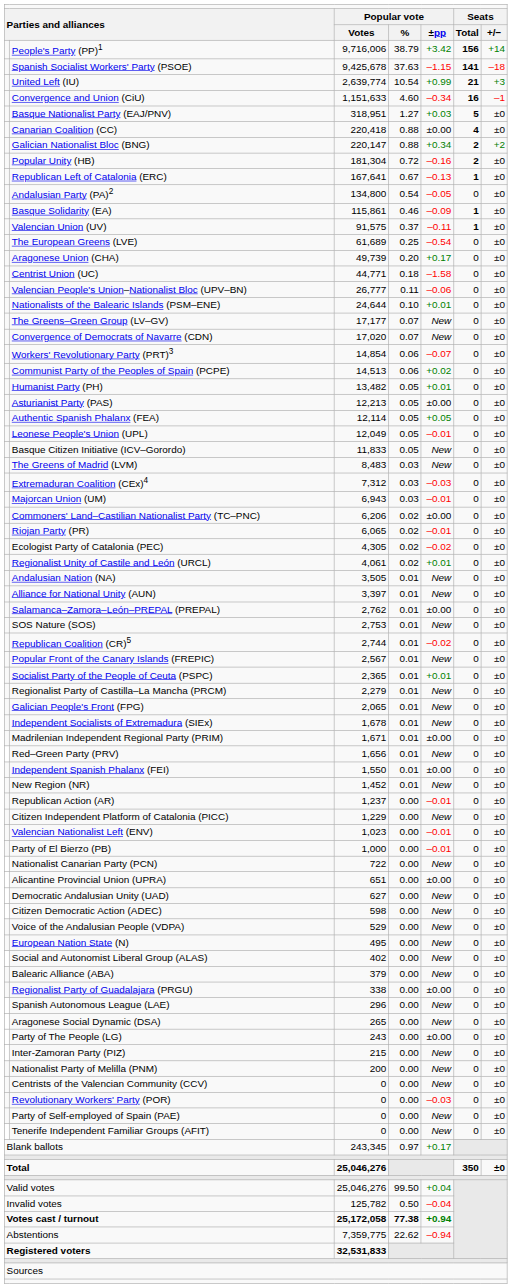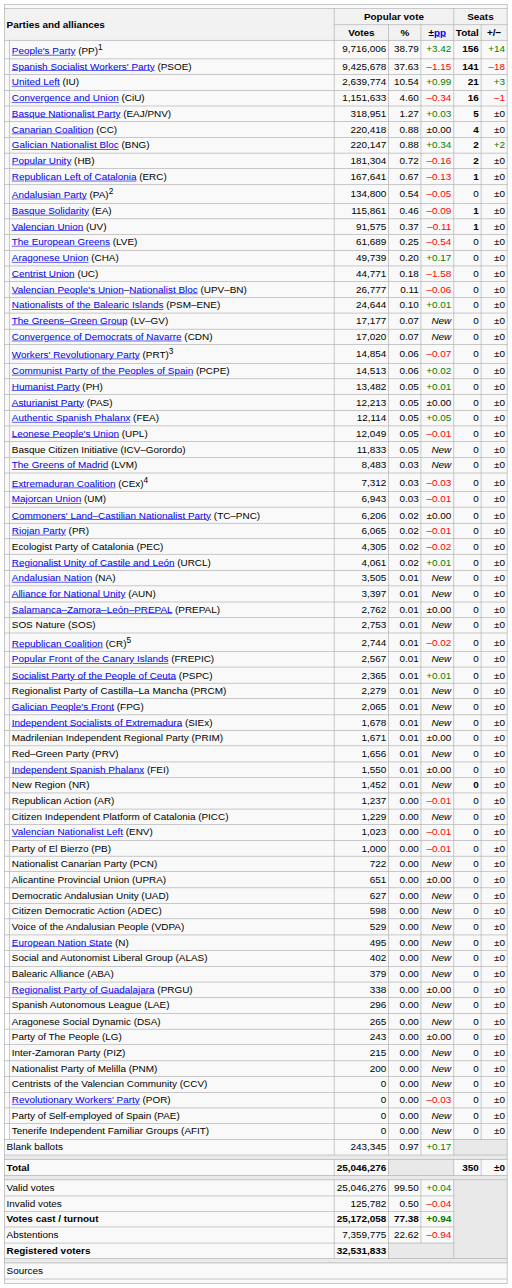 <table class="wikitable" style="text-align:right;">
 <tr>
 <td colspan="7"></td>
 </tr>
 <tr>
 <th style="text-align:left;" rowspan="2" colspan="2" width="525">Parties and alliances</th>
 <th colspan="3">Popular vote</th>
 <th colspan="2">Seats</th>
 </tr>
 <tr>
 <th width="75">Votes</th>
 <th width="45">%</th>
 <th width="45">±<a href='#'>pp</a></th>
 <th width="35">Total</th>
 <th width="35">+/−</th>
 </tr>
 <tr>
 <td width="1" style="color:inherit;background:"></td>
 <td align="left"><a href='#'>People's Party</a> (PP)<sup>1</sup></td>
 <td>9,716,006</td>
 <td>38.79</td>
 <td style="color:green;">+3.42</td>
 <td><strong>156</strong></td>
 <td style="color:green;">+14</td>
 </tr>
 <tr>
 <td style="color:inherit;background:"></td>
 <td align="left"><a href='#'>Spanish Socialist Workers' Party</a> (PSOE)</td>
 <td>9,425,678</td>
 <td>37.63</td>
 <td style="color:red;">–1.15</td>
 <td><strong>141</strong></td>
 <td style="color:red;">–18</td>
 </tr>
 <tr>
 <td style="color:inherit;background:"></td>
 <td align="left"><a href='#'>United Left</a> (IU)</td>
 <td>2,639,774</td>
 <td>10.54</td>
 <td style="color:green;">+0.99</td>
 <td><strong>21</strong></td>
 <td style="color:green;">+3</td>
 </tr>
 <tr>
 <td style="color:inherit;background:"></td>
 <td align="left"><a href='#'>Convergence and Union</a> (CiU)</td>
 <td>1,151,633</td>
 <td>4.60</td>
 <td style="color:red;">–0.34</td>
 <td><strong>16</strong></td>
 <td style="color:red;">–1</td>
 </tr>
 <tr>
 <td style="color:inherit;background:"></td>
 <td align="left"><a href='#'>Basque Nationalist Party</a> (EAJ/PNV)</td>
 <td>318,951</td>
 <td>1.27</td>
 <td style="color:green;">+0.03</td>
 <td><strong>5</strong></td>
 <td>±0</td>
 </tr>
 <tr>
 <td style="color:inherit;background:"></td>
 <td align="left"><a href='#'>Canarian Coalition</a> (CC)</td>
 <td>220,418</td>
 <td>0.88</td>
 <td>±0.00</td>
 <td><strong>4</strong></td>
 <td>±0</td>
 </tr>
 <tr>
 <td style="color:inherit;background:"></td>
 <td align="left"><a href='#'>Galician Nationalist Bloc</a> (BNG)</td>
 <td>220,147</td>
 <td>0.88</td>
 <td style="color:green;">+0.34</td>
 <td><strong>2</strong></td>
 <td style="color:green;">+2</td>
 </tr>
 <tr>
 <td style="color:inherit;background:"></td>
 <td align="left"><a href='#'>Popular Unity</a> (HB)</td>
 <td>181,304</td>
 <td>0.72</td>
 <td style="color:red;">–0.16</td>
 <td><strong>2</strong></td>
 <td>±0</td>
 </tr>
 <tr>
 <td style="color:inherit;background:"></td>
 <td align="left"><a href='#'>Republican Left of Catalonia</a> (ERC)</td>
 <td>167,641</td>
 <td>0.67</td>
 <td style="color:red;">–0.13</td>
 <td><strong>1</strong></td>
 <td>±0</td>
 </tr>
 <tr>
 <td style="color:inherit;background:"></td>
 <td align="left"><a href='#'>Andalusian Party</a> (PA)<sup>2</sup></td>
 <td>134,800</td>
 <td>0.54</td>
 <td style="color:red;">–0.05</td>
 <td>0</td>
 <td>±0</td>
 </tr>
 <tr>
 <td style="color:inherit;background:"></td>
 <td align="left"><a href='#'>Basque Solidarity</a> (EA)</td>
 <td>115,861</td>
 <td>0.46</td>
 <td style="color:red;">–0.09</td>
 <td><strong>1</strong></td>
 <td>±0</td>
 </tr>
 <tr>
 <td style="color:inherit;background:"></td>
 <td align="left"><a href='#'>Valencian Union</a> (UV)</td>
 <td>91,575</td>
 <td>0.37</td>
 <td style="color:red;">–0.11</td>
 <td><strong>1</strong></td>
 <td>±0</td>
 </tr>
 <tr>
 <td style="color:inherit;background:"></td>
 <td align="left"><a href='#'>The European Greens</a> (LVE)</td>
 <td>61,689</td>
 <td>0.25</td>
 <td style="color:red;">–0.54</td>
 <td>0</td>
 <td>±0</td>
 </tr>
 <tr>
 <td style="color:inherit;background:"></td>
 <td align="left"><a href='#'>Aragonese Union</a> (CHA)</td>
 <td>49,739</td>
 <td>0.20</td>
 <td style="color:green;">+0.17</td>
 <td>0</td>
 <td>±0</td>
 </tr>
 <tr>
 <td style="color:inherit;background:"></td>
 <td align="left"><a href='#'>Centrist Union</a> (UC)</td>
 <td>44,771</td>
 <td>0.18</td>
 <td style="color:red;">–1.58</td>
 <td>0</td>
 <td>±0</td>
 </tr>
 <tr>
 <td style="color:inherit;background:"></td>
 <td align="left"><a href='#'>Valencian People's Union</a>–<a href='#'>Nationalist Bloc</a> (UPV–BN)</td>
 <td>26,777</td>
 <td>0.11</td>
 <td style="color:red;">–0.06</td>
 <td>0</td>
 <td>±0</td>
 </tr>
 <tr>
 <td style="color:inherit;background:"></td>
 <td align="left"><a href='#'>Nationalists of the Balearic Islands</a> (PSM–ENE)</td>
 <td>24,644</td>
 <td>0.10</td>
 <td style="color:green;">+0.01</td>
 <td>0</td>
 <td>±0</td>
 </tr>
 <tr>
 <td style="color:inherit;background:"></td>
 <td align="left"><a href='#'>The Greens–Green Group</a> (LV–GV)</td>
 <td>17,177</td>
 <td>0.07</td>
 <td><em>New</em></td>
 <td>0</td>
 <td>±0</td>
 </tr>
 <tr>
 <td style="color:inherit;background:"></td>
 <td align="left"><a href='#'>Convergence of Democrats of Navarre</a> (CDN)</td>
 <td>17,020</td>
 <td>0.07</td>
 <td><em>New</em></td>
 <td>0</td>
 <td>±0</td>
 </tr>
 <tr>
 <td style="color:inherit;background:"></td>
 <td align="left"><a href='#'>Workers' Revolutionary Party</a> (PRT)<sup>3</sup></td>
 <td>14,854</td>
 <td>0.06</td>
 <td style="color:red;">–0.07</td>
 <td>0</td>
 <td>±0</td>
 </tr>
 <tr>
 <td style="color:inherit;background:"></td>
 <td align="left"><a href='#'>Communist Party of the Peoples of Spain</a> (PCPE)</td>
 <td>14,513</td>
 <td>0.06</td>
 <td style="color:green;">+0.02</td>
 <td>0</td>
 <td>±0</td>
 </tr>
 <tr>
 <td style="color:inherit;background:"></td>
 <td align="left"><a href='#'>Humanist Party</a> (PH)</td>
 <td>13,482</td>
 <td>0.05</td>
 <td style="color:green;">+0.01</td>
 <td>0</td>
 <td>±0</td>
 </tr>
 <tr>
 <td style="color:inherit;background:"></td>
 <td align="left"><a href='#'>Asturianist Party</a> (PAS)</td>
 <td>12,213</td>
 <td>0.05</td>
 <td>±0.00</td>
 <td>0</td>
 <td>±0</td>
 </tr>
 <tr>
 <td style="color:inherit;background:"></td>
 <td align="left"><a href='#'>Authentic Spanish Phalanx</a> (FEA)</td>
 <td>12,114</td>
 <td>0.05</td>
 <td style="color:green;">+0.05</td>
 <td>0</td>
 <td>±0</td>
 </tr>
 <tr>
 <td style="color:inherit;background:"></td>
 <td align="left"><a href='#'>Leonese People's Union</a> (UPL)</td>
 <td>12,049</td>
 <td>0.05</td>
 <td style="color:red;">–0.01</td>
 <td>0</td>
 <td>±0</td>
 </tr>
 <tr>
 <td style="color:inherit;background:"></td>
 <td align="left">Basque Citizen Initiative (ICV–Gorordo)</td>
 <td>11,833</td>
 <td>0.05</td>
 <td><em>New</em></td>
 <td>0</td>
 <td>±0</td>
 </tr>
 <tr>
 <td style="color:inherit;background:"></td>
 <td align="left"><a href='#'>The Greens of Madrid</a> (LVM)</td>
 <td>8,483</td>
 <td>0.03</td>
 <td><em>New</em></td>
 <td>0</td>
 <td>±0</td>
 </tr>
 <tr>
 <td style="color:inherit;background:"></td>
 <td align="left"><a href='#'>Extremaduran Coalition</a> (CEx)<sup>4</sup></td>
 <td>7,312</td>
 <td>0.03</td>
 <td style="color:red;">–0.03</td>
 <td>0</td>
 <td>±0</td>
 </tr>
 <tr>
 <td style="color:inherit;background:"></td>
 <td align="left"><a href='#'>Majorcan Union</a> (UM)</td>
 <td>6,943</td>
 <td>0.03</td>
 <td style="color:red;">–0.01</td>
 <td>0</td>
 <td>±0</td>
 </tr>
 <tr>
 <td style="color:inherit;background:"></td>
 <td align="left"><a href='#'>Commoners' Land–Castilian Nationalist Party</a> (TC–PNC)</td>
 <td>6,206</td>
 <td>0.02</td>
 <td>±0.00</td>
 <td>0</td>
 <td>±0</td>
 </tr>
 <tr>
 <td style="color:inherit;background:"></td>
 <td align="left"><a href='#'>Riojan Party</a> (PR)</td>
 <td>6,065</td>
 <td>0.02</td>
 <td style="color:red;">–0.01</td>
 <td>0</td>
 <td>±0</td>
 </tr>
 <tr>
 <td style="color:inherit;background:"></td>
 <td align="left">Ecologist Party of Catalonia (PEC)</td>
 <td>4,305</td>
 <td>0.02</td>
 <td style="color:red;">–0.02</td>
 <td>0</td>
 <td>±0</td>
 </tr>
 <tr>
 <td style="color:inherit;background:"></td>
 <td align="left"><a href='#'>Regionalist Unity of Castile and León</a> (URCL)</td>
 <td>4,061</td>
 <td>0.02</td>
 <td style="color:green;">+0.01</td>
 <td>0</td>
 <td>±0</td>
 </tr>
 <tr>
 <td style="color:inherit;background:"></td>
 <td align="left"><a href='#'>Andalusian Nation</a> (NA)</td>
 <td>3,505</td>
 <td>0.01</td>
 <td><em>New</em></td>
 <td>0</td>
 <td>±0</td>
 </tr>
 <tr>
 <td style="color:inherit;background:"></td>
 <td align="left"><a href='#'>Alliance for National Unity</a> (AUN)</td>
 <td>3,397</td>
 <td>0.01</td>
 <td><em>New</em></td>
 <td>0</td>
 <td>±0</td>
 </tr>
 <tr>
 <td style="color:inherit;background:"></td>
 <td align="left"><a href='#'>Salamanca–Zamora–León–PREPAL</a> (PREPAL)</td>
 <td>2,762</td>
 <td>0.01</td>
 <td>±0.00</td>
 <td>0</td>
 <td>±0</td>
 </tr>
 <tr>
 <td style="color:inherit;background:"></td>
 <td align="left">SOS Nature (SOS)</td>
 <td>2,753</td>
 <td>0.01</td>
 <td><em>New</em></td>
 <td>0</td>
 <td>±0</td>
 </tr>
 <tr>
 <td style="color:inherit;background:"></td>
 <td align="left"><a href='#'>Republican Coalition</a> (CR)<sup>5</sup></td>
 <td>2,744</td>
 <td>0.01</td>
 <td style="color:red;">–0.02</td>
 <td>0</td>
 <td>±0</td>
 </tr>
 <tr>
 <td style="color:inherit;background:"></td>
 <td align="left"><a href='#'>Popular Front of the Canary Islands</a> (FREPIC)</td>
 <td>2,567</td>
 <td>0.01</td>
 <td><em>New</em></td>
 <td>0</td>
 <td>±0</td>
 </tr>
 <tr>
 <td style="color:inherit;background:"></td>
 <td align="left"><a href='#'>Socialist Party of the People of Ceuta</a> (PSPC)</td>
 <td>2,365</td>
 <td>0.01</td>
 <td style="color:green;">+0.01</td>
 <td>0</td>
 <td>±0</td>
 </tr>
 <tr>
 <td style="color:inherit;background:"></td>
 <td align="left">Regionalist Party of Castilla–La Mancha (PRCM)</td>
 <td>2,279</td>
 <td>0.01</td>
 <td><em>New</em></td>
 <td>0</td>
 <td>±0</td>
 </tr>
 <tr>
 <td style="color:inherit;background:"></td>
 <td align="left"><a href='#'>Galician People's Front</a> (FPG)</td>
 <td>2,065</td>
 <td>0.01</td>
 <td><em>New</em></td>
 <td>0</td>
 <td>±0</td>
 </tr>
 <tr>
 <td style="color:inherit;background:"></td>
 <td align="left"><a href='#'>Independent Socialists of Extremadura</a> (SIEx)</td>
 <td>1,678</td>
 <td>0.01</td>
 <td><em>New</em></td>
 <td>0</td>
 <td>±0</td>
 </tr>
 <tr>
 <td style="color:inherit;background:"></td>
 <td align="left">Madrilenian Independent Regional Party (PRIM)</td>
 <td>1,671</td>
 <td>0.01</td>
 <td>±0.00</td>
 <td>0</td>
 <td>±0</td>
 </tr>
 <tr>
 <td bgcolor="white"></td>
 <td align="left">Red–Green Party (PRV)</td>
 <td>1,656</td>
 <td>0.01</td>
 <td><em>New</em></td>
 <td>0</td>
 <td>±0</td>
 </tr>
 <tr>
 <td style="color:inherit;background:"></td>
 <td align="left"><a href='#'>Independent Spanish Phalanx</a> (FEI)</td>
 <td>1,550</td>
 <td>0.01</td>
 <td>±0.00</td>
 <td>0</td>
 <td>±0</td>
 </tr>
 <tr>
 <td style="color:inherit;background:"></td>
 <td align="left">New Region (NR)</td>
 <td>1,452</td>
 <td>0.01</td>
 <td><em>New</em></td>
-<td>0</td>
+<td><strong>0</strong></td>
 <td>±0</td>
 </tr>
 <tr>
 <td style="color:inherit;background:"></td>
 <td align="left">Republican Action (AR)</td>
 <td>1,237</td>
 <td>0.00</td>
 <td style="color:red;">–0.01</td>
 <td>0</td>
 <td>±0</td>
 </tr>
 <tr>
 <td style="color:inherit;background:"></td>
 <td align="left">Citizen Independent Platform of Catalonia (PICC)</td>
 <td>1,229</td>
 <td>0.00</td>
 <td><em>New</em></td>
 <td>0</td>
 <td>±0</td>
 </tr>
 <tr>
 <td style="color:inherit;background:"></td>
 <td align="left"><a href='#'>Valencian Nationalist Left</a> (ENV)</td>
 <td>1,023</td>
 <td>0.00</td>
 <td style="color:red;">–0.01</td>
 <td>0</td>
 <td>±0</td>
 </tr>
 <tr>
 <td style="color:inherit;background:"></td>
 <td align="left">Party of El Bierzo (PB)</td>
 <td>1,000</td>
 <td>0.00</td>
 <td style="color:red;">–0.01</td>
 <td>0</td>
 <td>±0</td>
 </tr>
 <tr>
 <td bgcolor="white"></td>
 <td align="left">Nationalist Canarian Party (PCN)</td>
 <td>722</td>
 <td>0.00</td>
 <td><em>New</em></td>
 <td>0</td>
 <td>±0</td>
 </tr>
 <tr>
 <td bgcolor="white"></td>
 <td align="left">Alicantine Provincial Union (UPRA)</td>
 <td>651</td>
 <td>0.00</td>
 <td>±0.00</td>
 <td>0</td>
 <td>±0</td>
 </tr>
 <tr>
 <td bgcolor="white"></td>
 <td align="left">Democratic Andalusian Unity (UAD)</td>
 <td>627</td>
 <td>0.00</td>
 <td><em>New</em></td>
 <td>0</td>
 <td>±0</td>
 </tr>
 <tr>
 <td bgcolor="white"></td>
 <td align="left">Citizen Democratic Action (ADEC)</td>
 <td>598</td>
 <td>0.00</td>
 <td><em>New</em></td>
 <td>0</td>
 <td>±0</td>
 </tr>
 <tr>
 <td style="color:inherit;background:"></td>
 <td align="left">Voice of the Andalusian People (VDPA)</td>
 <td>529</td>
 <td>0.00</td>
 <td><em>New</em></td>
 <td>0</td>
 <td>±0</td>
 </tr>
 <tr>
 <td style="color:inherit;background:"></td>
 <td align="left"><a href='#'>European Nation State</a> (N)</td>
 <td>495</td>
 <td>0.00</td>
 <td><em>New</em></td>
 <td>0</td>
 <td>±0</td>
 </tr>
 <tr>
 <td bgcolor="white"></td>
 <td align="left">Social and Autonomist Liberal Group (ALAS)</td>
 <td>402</td>
 <td>0.00</td>
 <td><em>New</em></td>
 <td>0</td>
 <td>±0</td>
 </tr>
 <tr>
 <td style="color:inherit;background:"></td>
 <td align="left">Balearic Alliance (ABA)</td>
 <td>379</td>
 <td>0.00</td>
 <td><em>New</em></td>
 <td>0</td>
 <td>±0</td>
 </tr>
 <tr>
 <td style="color:inherit;background:"></td>
 <td align="left"><a href='#'>Regionalist Party of Guadalajara</a> (PRGU)</td>
 <td>338</td>
 <td>0.00</td>
 <td>±0.00</td>
 <td>0</td>
 <td>±0</td>
 </tr>
 <tr>
 <td bgcolor="white"></td>
 <td align="left">Spanish Autonomous League (LAE)</td>
 <td>296</td>
 <td>0.00</td>
 <td><em>New</em></td>
 <td>0</td>
 <td>±0</td>
 </tr>
 <tr>
 <td bgcolor="white"></td>
 <td align="left">Aragonese Social Dynamic (DSA)</td>
 <td>265</td>
 <td>0.00</td>
 <td><em>New</em></td>
 <td>0</td>
 <td>±0</td>
 </tr>
 <tr>
 <td bgcolor="white"></td>
 <td align="left">Party of The People (LG)</td>
 <td>243</td>
 <td>0.00</td>
 <td>±0.00</td>
 <td>0</td>
 <td>±0</td>
 </tr>
 <tr>
 <td bgcolor="white"></td>
 <td align="left">Inter-Zamoran Party (PIZ)</td>
 <td>215</td>
 <td>0.00</td>
 <td><em>New</em></td>
 <td>0</td>
 <td>±0</td>
 </tr>
 <tr>
 <td style="color:inherit;background:"></td>
 <td align="left">Nationalist Party of Melilla (PNM)</td>
 <td>200</td>
 <td>0.00</td>
 <td><em>New</em></td>
 <td>0</td>
 <td>±0</td>
 </tr>
 <tr>
 <td style="color:inherit;background:"></td>
 <td align="left">Centrists of the Valencian Community (CCV)</td>
 <td>0</td>
 <td>0.00</td>
 <td><em>New</em></td>
 <td>0</td>
 <td>±0</td>
 </tr>
 <tr>
 <td style="color:inherit;background:"></td>
 <td align="left"><a href='#'>Revolutionary Workers' Party</a> (POR)</td>
 <td>0</td>
 <td>0.00</td>
 <td style="color:red;">–0.03</td>
 <td>0</td>
 <td>±0</td>
 </tr>
 <tr>
 <td style="color:inherit;background:"></td>
 <td align="left">Party of Self-employed of Spain (PAE)</td>
 <td>0</td>
 <td>0.00</td>
 <td><em>New</em></td>
 <td>0</td>
 <td>±0</td>
 </tr>
 <tr>
 <td bgcolor="white"></td>
 <td align="left">Tenerife Independent Familiar Groups (AFIT)</td>
 <td>0</td>
 <td>0.00</td>
 <td><em>New</em></td>
 <td>0</td>
 <td>±0</td>
 </tr>
 <tr>
 <td align="left" colspan="2">Blank ballots</td>
 <td>243,345</td>
 <td>0.97</td>
 <td style="color:green;">+0.17</td>
 <td bgcolor="#E9E9E9" colspan="2"></td>
 </tr>
 <tr>
 <td colspan="7" bgcolor="#E9E9E9"></td>
 </tr>
 <tr style="font-weight:bold;">
 <td align="left" colspan="2">Total</td>
 <td>25,046,276</td>
 <td bgcolor="#E9E9E9" colspan="2"></td>
 <td>350</td>
 <td>±0</td>
 </tr>
 <tr>
 <td colspan="7" bgcolor="#E9E9E9"></td>
 </tr>
 <tr>
 <td align="left" colspan="2">Valid votes</td>
 <td>25,046,276</td>
 <td>99.50</td>
 <td style="color:green;">+0.04</td>
 <td bgcolor="#E9E9E9" colspan="2" rowspan="5"></td>
 </tr>
 <tr>
 <td align="left" colspan="2">Invalid votes</td>
 <td>125,782</td>
 <td>0.50</td>
 <td style="color:red;">–0.04</td>
 </tr>
 <tr style="font-weight:bold;">
 <td align="left" colspan="2">Votes cast / turnout</td>
 <td>25,172,058</td>
 <td>77.38</td>
 <td style="color:green;">+0.94</td>
 </tr>
 <tr>
 <td align="left" colspan="2">Abstentions</td>
 <td>7,359,775</td>
 <td>22.62</td>
 <td style="color:red;">–0.94</td>
 </tr>
 <tr style="font-weight:bold;">
 <td align="left" colspan="2">Registered voters</td>
 <td>32,531,833</td>
 <td bgcolor="#E9E9E9" colspan="2"></td>
 </tr>
 <tr>
 <td colspan="7" bgcolor="#E9E9E9"></td>
 </tr>
 <tr>
 <td align="left" colspan="7">Sources</td>
 </tr>
 <tr>
 <td colspan="7" style="text-align:left; max-width:790px;"></td>
 </tr>
 </table>
